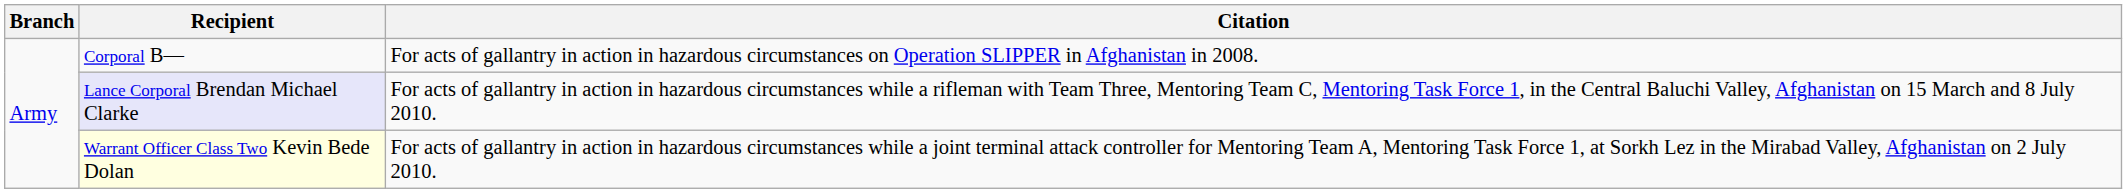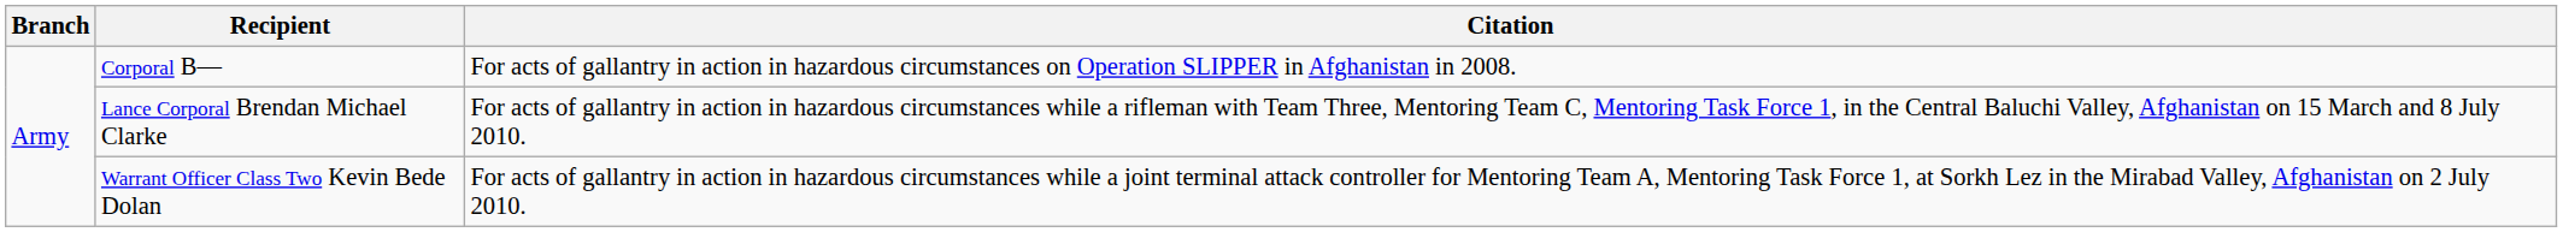 <table class="wikitable" style="font-size:95%;">
 <tr>
 <th>Branch</th>
 <th scope="col" width="220">Recipient</th>
 <th>Citation</th>
 </tr>
 <tr>
 <td rowspan="3"><a href='#'>Army</a></td>
 <td><small><a href='#'>Corporal</a></small> B—</td>
 <td>For acts of gallantry in action in hazardous circumstances on <a href='#'>Operation SLIPPER</a> in <a href='#'>Afghanistan</a> in 2008.</td>
 </tr>
 <tr>
-<td style="background: lavender;"><small><a href='#'>Lance Corporal</a></small> Brendan Michael Clarke</td>
+<td><small><a href='#'>Lance Corporal</a></small> Brendan Michael Clarke</td>
 <td>For acts of gallantry in action in hazardous circumstances while a rifleman with Team Three, Mentoring Team C, <a href='#'>Mentoring Task Force 1</a>, in the Central Baluchi Valley, <a href='#'>Afghanistan</a> on 15 March and 8 July 2010.</td>
 </tr>
 <tr>
-<td style="background: lightyellow;"><small><a href='#'>Warrant Officer Class Two</a></small> Kevin Bede Dolan</td>
+<td><small><a href='#'>Warrant Officer Class Two</a></small> Kevin Bede Dolan</td>
 <td>For acts of gallantry in action in hazardous circumstances while a joint terminal attack controller for Mentoring Team A, Mentoring Task Force 1, at Sorkh Lez in the Mirabad Valley, <a href='#'>Afghanistan</a> on 2 July 2010.</td>
 </tr>
 </table>
